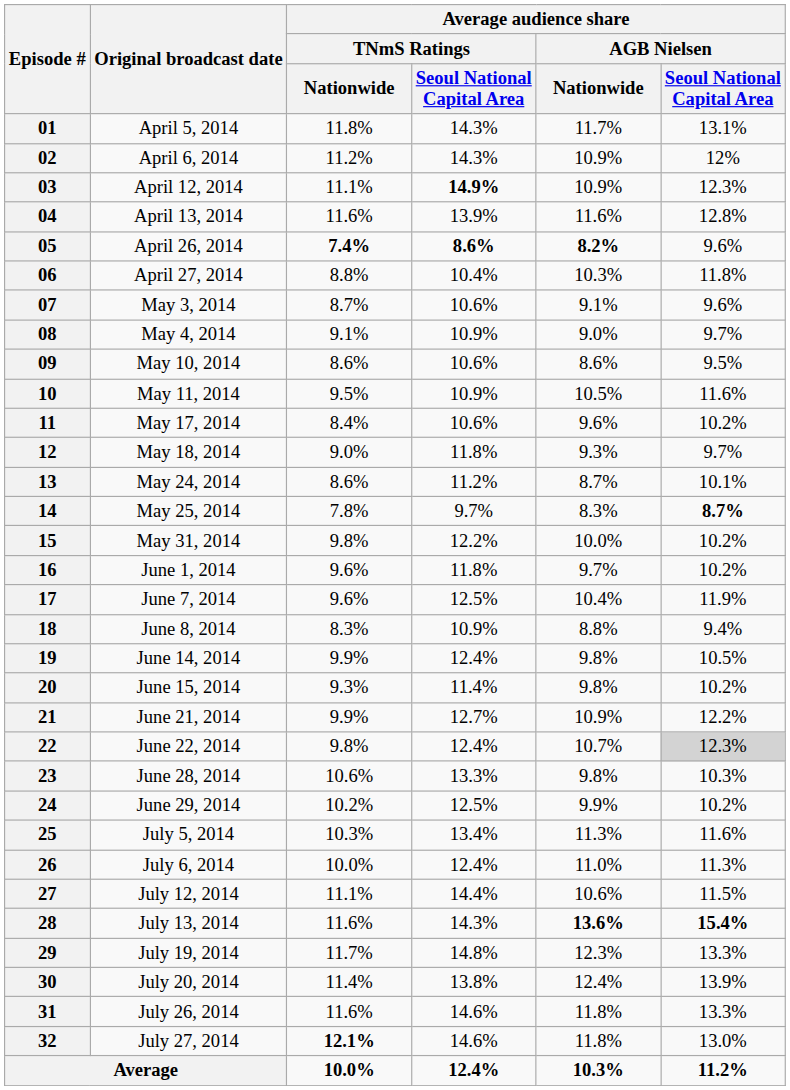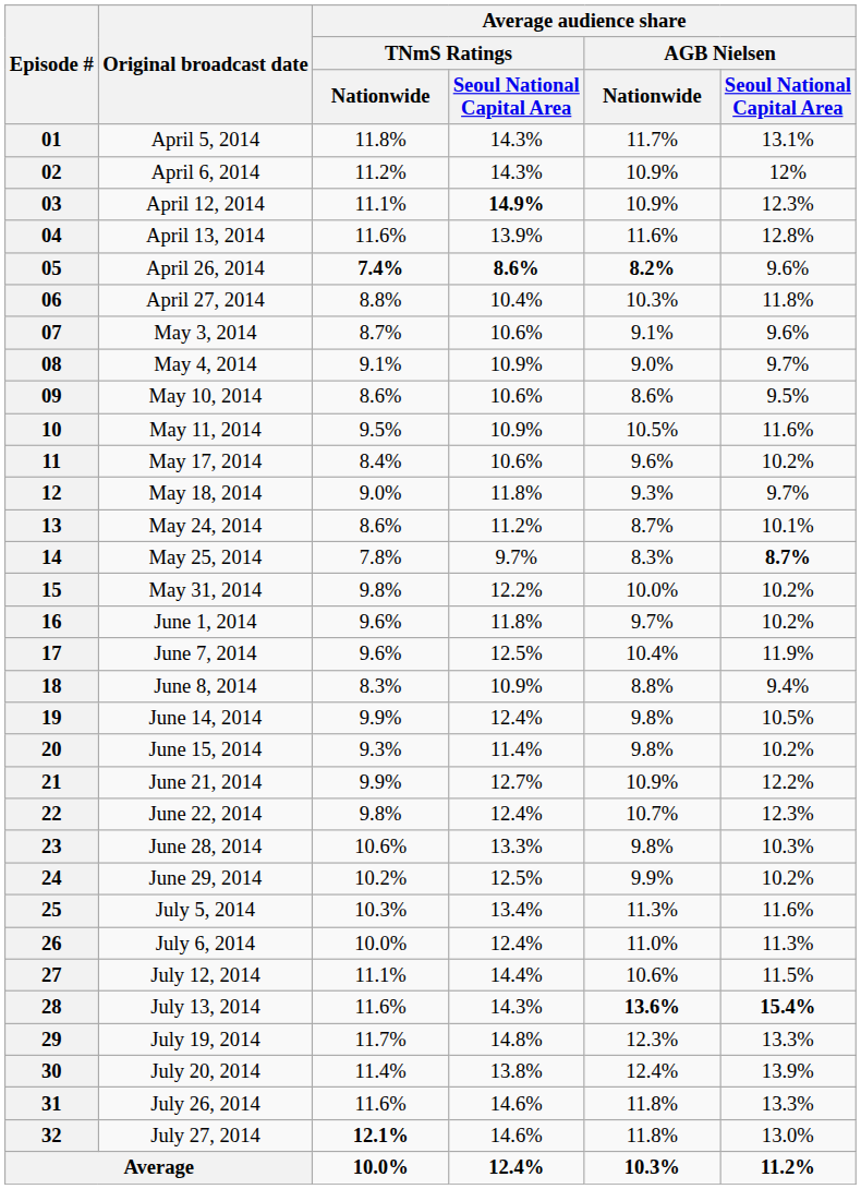 <table class=wikitable style="text-align:center">
 <tr>
 <th rowspan="3">Episode #</th>
 <th rowspan="3">Original broadcast date</th>
 <th colspan="4">Average audience share</th>
 </tr>
 <tr>
 <th colspan="2">TNmS Ratings</th>
 <th colspan="2">AGB Nielsen</th>
 </tr>
 <tr>
 <th width=100>Nationwide</th>
 <th width=100><a href='#'>Seoul National Capital Area</a></th>
 <th width=100>Nationwide</th>
 <th width=100><a href='#'>Seoul National Capital Area</a></th>
 </tr>
 <tr>
 <th>01</th>
 <td>April 5, 2014</td>
 <td>11.8%</td>
 <td>14.3%</td>
 <td>11.7%</td>
 <td>13.1%</td>
 </tr>
 <tr>
 <th>02</th>
 <td>April 6, 2014</td>
 <td>11.2%</td>
 <td>14.3%</td>
 <td>10.9%</td>
 <td>12%</td>
 </tr>
 <tr>
 <th>03</th>
 <td>April 12, 2014</td>
 <td>11.1%</td>
 <td><span><strong>14.9%</strong></span></td>
 <td>10.9%</td>
 <td>12.3%</td>
 </tr>
 <tr>
 <th>04</th>
 <td>April 13, 2014</td>
 <td>11.6%</td>
 <td>13.9%</td>
 <td>11.6%</td>
 <td>12.8%</td>
 </tr>
 <tr>
 <th>05</th>
 <td>April 26, 2014</td>
 <td><span><strong>7.4%</strong></span></td>
 <td><span><strong>8.6%</strong></span></td>
 <td><span><strong>8.2%</strong></span></td>
 <td>9.6%</td>
 </tr>
 <tr>
 <th>06</th>
 <td>April 27, 2014</td>
 <td>8.8%</td>
 <td>10.4%</td>
 <td>10.3%</td>
 <td>11.8%</td>
 </tr>
 <tr>
 <th>07</th>
 <td>May 3, 2014</td>
 <td>8.7%</td>
 <td>10.6%</td>
 <td>9.1%</td>
 <td>9.6%</td>
 </tr>
 <tr>
 <th>08</th>
 <td>May 4, 2014</td>
 <td>9.1%</td>
 <td>10.9%</td>
 <td>9.0%</td>
 <td>9.7%</td>
 </tr>
 <tr>
 <th>09</th>
 <td>May 10, 2014</td>
 <td>8.6%</td>
 <td>10.6%</td>
 <td>8.6%</td>
 <td>9.5%</td>
 </tr>
 <tr>
 <th>10</th>
 <td>May 11, 2014</td>
 <td>9.5%</td>
 <td>10.9%</td>
 <td>10.5%</td>
 <td>11.6%</td>
 </tr>
 <tr>
 <th>11</th>
 <td>May 17, 2014</td>
 <td>8.4%</td>
 <td>10.6%</td>
 <td>9.6%</td>
 <td>10.2%</td>
 </tr>
 <tr>
 <th>12</th>
 <td>May 18, 2014</td>
 <td>9.0%</td>
 <td>11.8%</td>
 <td>9.3%</td>
 <td>9.7%</td>
 </tr>
 <tr>
 <th>13</th>
 <td>May 24, 2014</td>
 <td>8.6%</td>
 <td>11.2%</td>
 <td>8.7%</td>
 <td>10.1%</td>
 </tr>
 <tr>
 <th>14</th>
 <td>May 25, 2014</td>
 <td>7.8%</td>
 <td>9.7%</td>
 <td>8.3%</td>
 <td><span><strong>8.7%</strong></span></td>
 </tr>
 <tr>
 <th>15</th>
 <td>May 31, 2014</td>
 <td>9.8%</td>
 <td>12.2%</td>
 <td>10.0%</td>
 <td>10.2%</td>
 </tr>
 <tr>
 <th>16</th>
 <td>June 1, 2014</td>
 <td>9.6%</td>
 <td>11.8%</td>
 <td>9.7%</td>
 <td>10.2%</td>
 </tr>
 <tr>
 <th>17</th>
 <td>June 7, 2014</td>
 <td>9.6%</td>
 <td>12.5%</td>
 <td>10.4%</td>
 <td>11.9%</td>
 </tr>
 <tr>
 <th>18</th>
 <td>June 8, 2014</td>
 <td>8.3%</td>
 <td>10.9%</td>
 <td>8.8%</td>
 <td>9.4%</td>
 </tr>
 <tr>
 <th>19</th>
 <td>June 14, 2014</td>
 <td>9.9%</td>
 <td>12.4%</td>
 <td>9.8%</td>
 <td>10.5%</td>
 </tr>
 <tr>
 <th>20</th>
 <td>June 15, 2014</td>
 <td>9.3%</td>
 <td>11.4%</td>
 <td>9.8%</td>
 <td>10.2%</td>
 </tr>
 <tr>
 <th>21</th>
 <td>June 21, 2014</td>
 <td>9.9%</td>
 <td>12.7%</td>
 <td>10.9%</td>
 <td>12.2%</td>
 </tr>
 <tr>
 <th>22</th>
 <td>June 22, 2014</td>
 <td>9.8%</td>
 <td>12.4%</td>
 <td>10.7%</td>
-<td style="background: lightgrey;">12.3%</td>
+<td>12.3%</td>
 </tr>
 <tr>
 <th>23</th>
 <td>June 28, 2014</td>
 <td>10.6%</td>
 <td>13.3%</td>
 <td>9.8%</td>
 <td>10.3%</td>
 </tr>
 <tr>
 <th>24</th>
 <td>June 29, 2014</td>
 <td>10.2%</td>
 <td>12.5%</td>
 <td>9.9%</td>
 <td>10.2%</td>
 </tr>
 <tr>
 <th>25</th>
 <td>July 5, 2014</td>
 <td>10.3%</td>
 <td>13.4%</td>
 <td>11.3%</td>
 <td>11.6%</td>
 </tr>
 <tr>
 <th>26</th>
 <td>July 6, 2014</td>
 <td>10.0%</td>
 <td>12.4%</td>
 <td>11.0%</td>
 <td>11.3%</td>
 </tr>
 <tr>
 <th>27</th>
 <td>July 12, 2014</td>
 <td>11.1%</td>
 <td>14.4%</td>
 <td>10.6%</td>
 <td>11.5%</td>
 </tr>
 <tr>
 <th>28</th>
 <td>July 13, 2014</td>
 <td>11.6%</td>
 <td>14.3%</td>
 <td><span><strong>13.6%</strong></span></td>
 <td><span><strong>15.4%</strong></span></td>
 </tr>
 <tr>
 <th>29</th>
 <td>July 19, 2014</td>
 <td>11.7%</td>
 <td>14.8%</td>
 <td>12.3%</td>
 <td>13.3%</td>
 </tr>
 <tr>
 <th>30</th>
 <td>July 20, 2014</td>
 <td>11.4%</td>
 <td>13.8%</td>
 <td>12.4%</td>
 <td>13.9%</td>
 </tr>
 <tr>
 <th>31</th>
 <td>July 26, 2014</td>
 <td>11.6%</td>
 <td>14.6%</td>
 <td>11.8%</td>
 <td>13.3%</td>
 </tr>
 <tr>
 <th>32</th>
 <td>July 27, 2014</td>
 <td><span><strong>12.1%</strong></span></td>
 <td>14.6%</td>
 <td>11.8%</td>
 <td>13.0%</td>
 </tr>
 <tr>
 <th colspan=2>Average</th>
 <td><span><strong>10.0%</strong></span></td>
 <td><span><strong>12.4%</strong></span></td>
 <td><span><strong>10.3%</strong></span></td>
 <td><span><strong>11.2%</strong></span></td>
 </tr>
 </table>
